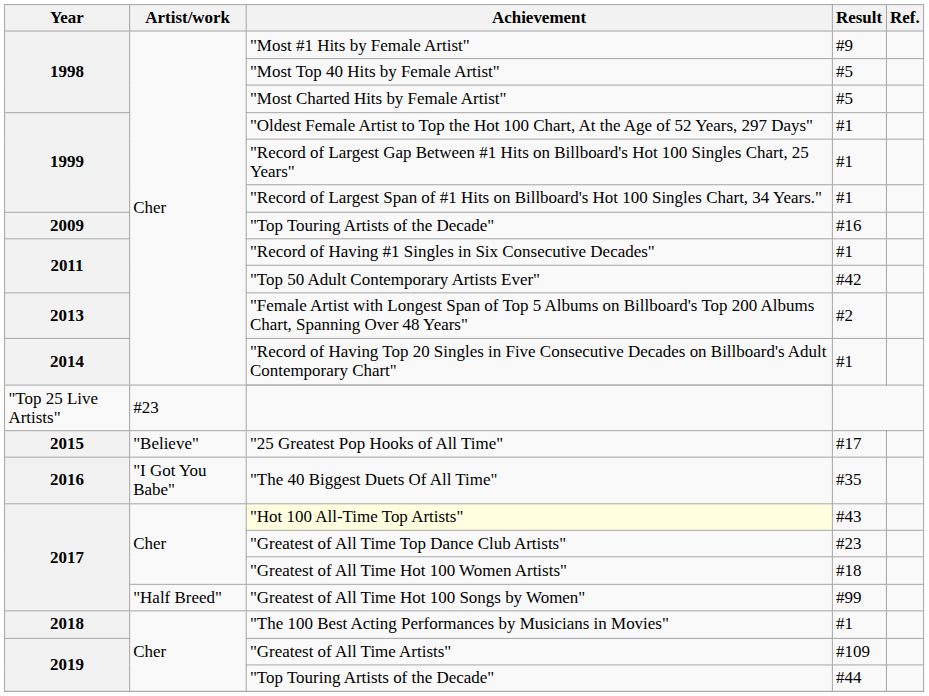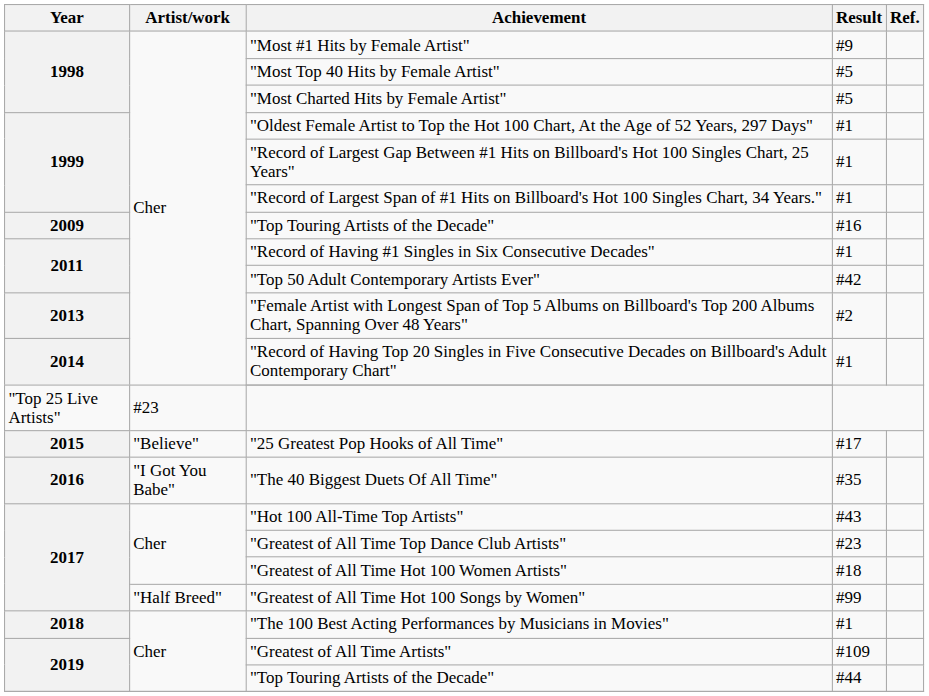 <table class="wikitable">
 <tr>
 <th scope="col">Year</th>
 <th scope="col">Artist/work</th>
 <th scope="col">Achievement</th>
 <th scope="col">Result</th>
 <th scope="col">Ref.</th>
 </tr>
 <tr>
 <th scope="row" rowspan="3">1998</th>
 <td rowspan="12">Cher</td>
 <td>"Most #1 Hits by Female Artist"</td>
 <td>#9</td>
 <td style="text-align:center;"></td>
 </tr>
 <tr>
 <td>"Most Top 40 Hits by Female Artist"</td>
 <td>#5</td>
 <td style="text-align:center;"></td>
 </tr>
 <tr>
 <td>"Most Charted Hits by Female Artist"</td>
 <td>#5</td>
 <td style="text-align:center;"></td>
 </tr>
 <tr>
 <th scope="row" rowspan="3">1999</th>
 <td>"Oldest Female Artist to Top the Hot 100 Chart, At the Age of 52 Years, 297 Days"</td>
 <td>#1</td>
 <td style="text-align:center;"></td>
 </tr>
 <tr>
 <td>"Record of Largest Gap Between #1 Hits on Billboard's Hot 100 Singles Chart, 25 Years"</td>
 <td>#1</td>
 <td style="text-align:center;"></td>
 </tr>
 <tr>
 <td>"Record of Largest Span of #1 Hits on Billboard's Hot 100 Singles Chart, 34 Years."</td>
 <td>#1</td>
 <td style="text-align:center;"></td>
 </tr>
 <tr>
 <th scope="row">2009</th>
 <td>"Top Touring Artists of the Decade"</td>
 <td>#16</td>
 <td style="text-align:center;"></td>
 </tr>
 <tr>
 <th scope="row" rowspan="2">2011</th>
 <td>"Record of Having #1 Singles in Six Consecutive Decades"</td>
 <td>#1</td>
 <td style="text-align:center;"></td>
 </tr>
 <tr>
 <td>"Top 50 Adult Contemporary Artists Ever"</td>
 <td>#42</td>
 <td style="text-align:center;"></td>
 </tr>
 <tr>
 <th scope="row">2013</th>
 <td>"Female Artist with Longest Span of Top 5 Albums on Billboard's Top 200 Albums Chart, Spanning Over 48 Years"</td>
 <td>#2</td>
 <td style="text-align:center;"></td>
 </tr>
 <tr>
 <th scope="row" rowspan="2">2014</th>
 <td>"Record of Having Top 20 Singles in Five Consecutive Decades on Billboard's Adult Contemporary Chart"</td>
 <td>#1</td>
 <td style="text-align:center;"></td>
 </tr>
 <tr>
 </tr>
 <tr>
 <td>"Top 25 Live Artists"</td>
 <td>#23</td>
 <td style="text-align:center;"></td>
 </tr>
 <tr>
 <th scope="row">2015</th>
 <td>"Believe"</td>
 <td>"25 Greatest Pop Hooks of All Time"</td>
 <td>#17</td>
 <td style="text-align:center;"></td>
 </tr>
 <tr>
 <th scope="row">2016</th>
 <td>"I Got You Babe"</td>
 <td>"The 40 Biggest Duets Of All Time"</td>
 <td>#35</td>
 <td style="text-align:center;"></td>
 </tr>
 <tr>
 <th scope="row" rowspan="4">2017</th>
 <td rowspan="3">Cher</td>
-<td style="background: lightyellow;">"Hot 100 All-Time Top Artists"</td>
+<td>"Hot 100 All-Time Top Artists"</td>
 <td>#43</td>
 <td style="text-align:center;"></td>
 </tr>
 <tr>
 <td>"Greatest of All Time Top Dance Club Artists"</td>
 <td>#23</td>
 <td style="text-align:center;"></td>
 </tr>
 <tr>
 <td>"Greatest of All Time Hot 100 Women Artists"</td>
 <td>#18</td>
 <td style="text-align:center;"></td>
 </tr>
 <tr>
 <td>"Half Breed"</td>
 <td>"Greatest of All Time Hot 100 Songs by Women"</td>
 <td>#99</td>
 <td style="text-align:center;"></td>
 </tr>
 <tr>
 <th scope="row">2018</th>
 <td rowspan="3">Cher</td>
 <td>"The 100 Best Acting Performances by Musicians in Movies"</td>
 <td>#1</td>
 <td style="text-align:center;"></td>
 </tr>
 <tr>
 <th scope="row" rowspan="2">2019</th>
 <td>"Greatest of All Time Artists"</td>
 <td>#109</td>
 <td style="text-align:center;"></td>
 </tr>
 <tr>
 <td>"Top Touring Artists of the Decade"</td>
 <td>#44</td>
 <td style="text-align:center;"></td>
 </tr>
 <tr>
 </tr>
 </table>
